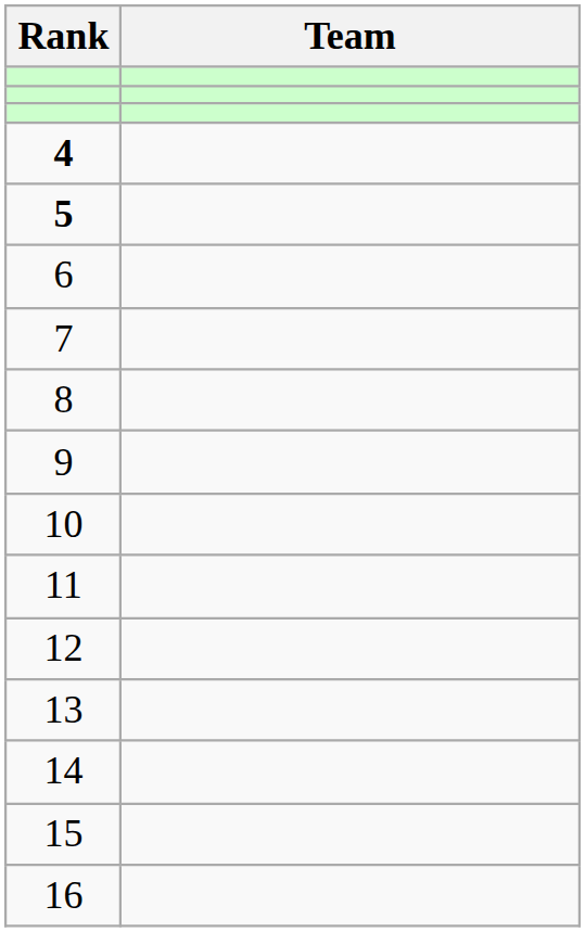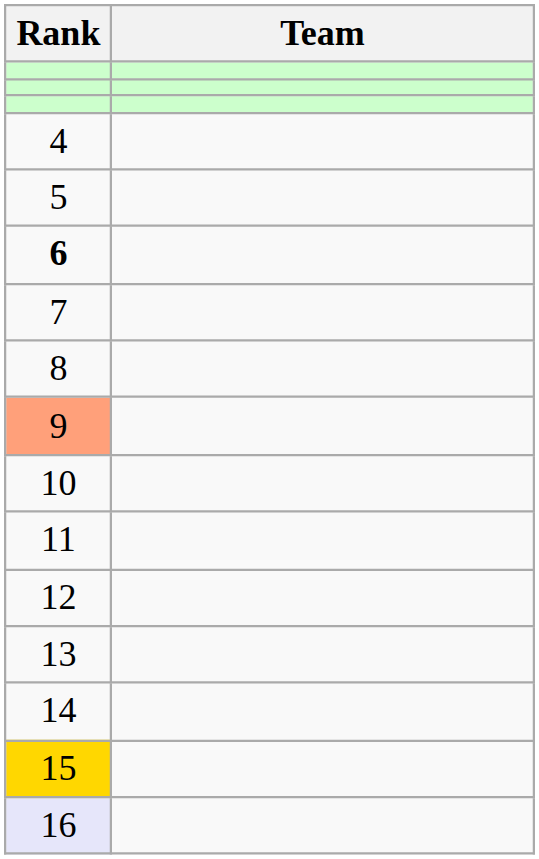 <table class="wikitable" style="text-align: center;">
 <tr>
 <th width=40>Rank</th>
 <th width=180>Team</th>
 </tr>
 <tr bgcolor=#ccffcc>
 <td></td>
 <td style="text-align:left;"></td>
 </tr>
 <tr bgcolor=#ccffcc>
 <td></td>
 <td style="text-align:left;"></td>
 </tr>
 <tr bgcolor=#ccffcc>
 <td></td>
 <td style="text-align:left;"></td>
 </tr>
 <tr>
-<td><strong>4</strong></td>
+<td>4</td>
 <td style="text-align:left;"></td>
 </tr>
 <tr align=center>
-<td><strong>5</strong></td>
+<td>5</td>
 <td style="text-align:left;"></td>
 </tr>
 <tr align=center>
-<td>6</td>
+<td><strong>6</strong></td>
 <td style="text-align:left;"></td>
 </tr>
 <tr align=center>
 <td>7</td>
 <td style="text-align:left;"></td>
 </tr>
 <tr align=center>
 <td>8</td>
 <td style="text-align:left;"></td>
 </tr>
 <tr align=center>
-<td>9</td>
+<td style="background: lightsalmon;">9</td>
 <td style="text-align:left;"></td>
 </tr>
 <tr align=center>
 <td>10</td>
 <td style="text-align:left;"></td>
 </tr>
 <tr align=center>
 <td>11</td>
 <td style="text-align:left;"></td>
 </tr>
 <tr align=center>
 <td>12</td>
 <td style="text-align:left;"></td>
 </tr>
 <tr align=center>
 <td>13</td>
 <td style="text-align:left;"></td>
 </tr>
 <tr align=center>
 <td>14</td>
 <td style="text-align:left;"></td>
 </tr>
 <tr align=center>
-<td>15</td>
+<td style="background: gold;">15</td>
 <td style="text-align:left;"></td>
 </tr>
 <tr align=center>
-<td>16</td>
+<td style="background: lavender;">16</td>
 <td style="text-align:left;"></td>
 </tr>
 </table>
